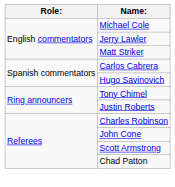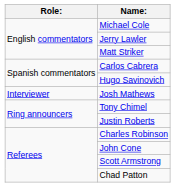 <table class=wikitable style="font-size:90%; margin: 0.5em 0 0.5em 1em; float: right; clear: right;">
 <tr>
 <th>Role:</th>
 <th>Name:</th>
 </tr>
 <tr>
 <td rowspan=3>English <a href='#'>commentators</a></td>
 <td><a href='#'>Michael Cole</a></td>
 </tr>
 <tr>
 <td><a href='#'>Jerry Lawler</a></td>
 </tr>
 <tr>
 <td><a href='#'>Matt Striker</a></td>
 </tr>
 <tr>
 <td rowspan=2>Spanish commentators</td>
 <td><a href='#'>Carlos Cabrera</a></td>
 </tr>
 <tr>
 <td><a href='#'>Hugo Savinovich</a></td>
 </tr>
 <tr>
+<td><a href='#'>Interviewer</a></td>
+<td><a href='#'>Josh Mathews</a></td>
+</tr>
+<tr>
 <td rowspan=2><a href='#'>Ring announcers</a></td>
 <td><a href='#'>Tony Chimel</a></td>
 </tr>
 <tr>
 <td><a href='#'>Justin Roberts</a></td>
 </tr>
 <tr>
 <td rowspan=4><a href='#'>Referees</a></td>
 <td><a href='#'>Charles Robinson</a></td>
 </tr>
 <tr>
 <td><a href='#'>John Cone</a></td>
 </tr>
 <tr>
 <td><a href='#'>Scott Armstrong</a></td>
 </tr>
 <tr>
 <td>Chad Patton</td>
 </tr>
 </table>
